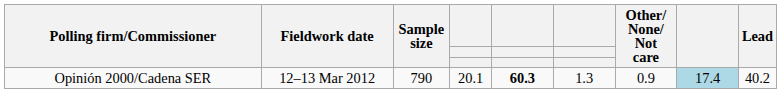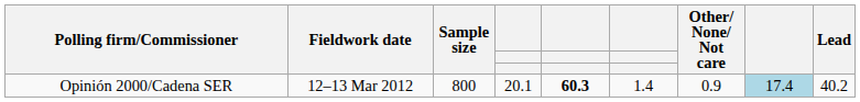 <table class="wikitable collapsible collapsed" style="text-align:center; font-size:90%; line-height:14px;">
 <tr style="height:42px;">
 <th style="width:250px;" rowspan="3">Polling firm/Commissioner</th>
 <th style="width:125px;" rowspan="3">Fieldwork date</th>
 <th style="width:50px;" rowspan="3">Sample size</th>
 <th style="width:35px;"></th>
 <th style="width:55px;"></th>
 <th style="width:55px;"></th>
 <th style="width:55px;" rowspan="3">Other/<br>None/<br>Not<br>care</th>
 <th style="width:55px;" rowspan="3"></th>
 <th style="width:30px;" rowspan="3">Lead</th>
 </tr>
 <tr>
 <th style="color:inherit;background:"></th>
 <th style="color:inherit;background:"></th>
 <th style="color:inherit;background:"></th>
 </tr>
 <tr>
 <th></th>
 <th></th>
 <th></th>
 </tr>
 <tr>
 <td>Opinión 2000/Cadena SER</td>
 <td>12–13 Mar 2012</td>
-<td>790</td>
+<td>800</td>
 <td>20.1</td>
 <td><strong>60.3</strong></td>
-<td>1.3</td>
+<td>1.4</td>
 <td>0.9</td>
 <td style="background: lightblue;">17.4</td>
 <td style="background:">40.2</td>
 </tr>
 </table>
